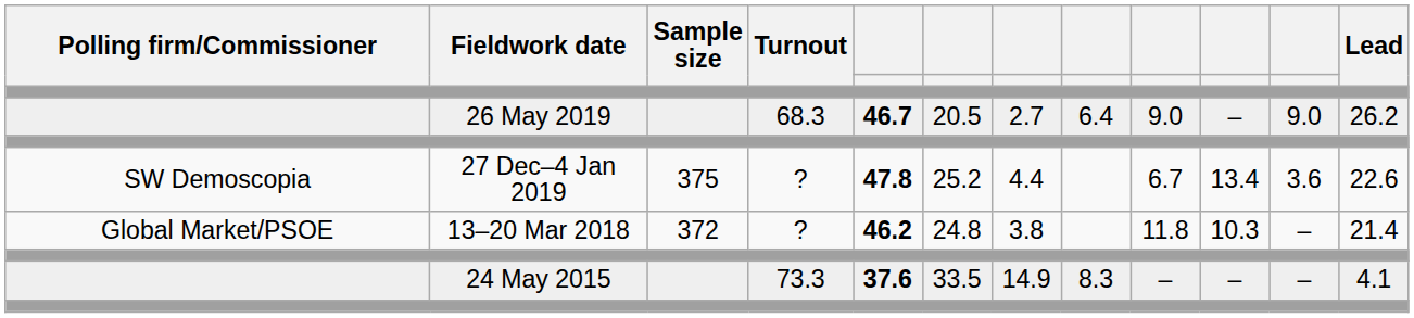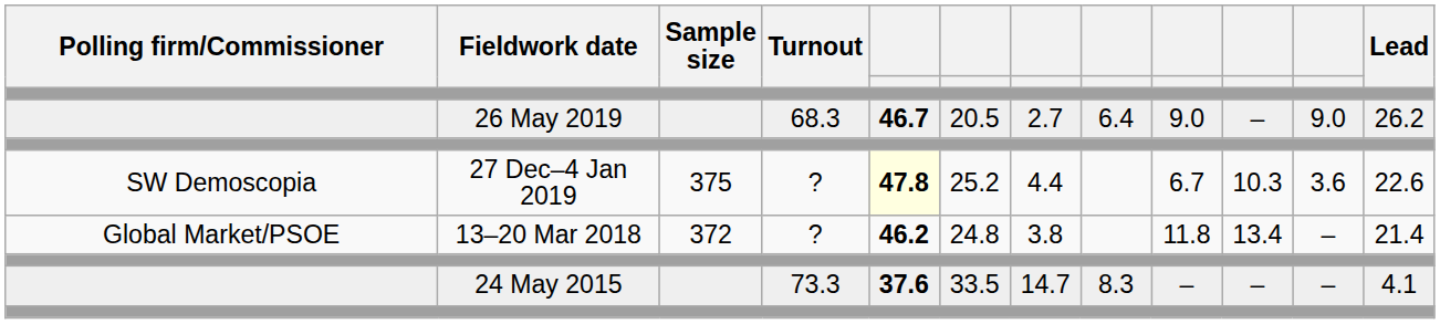 <table class="wikitable collapsible collapsed" style="text-align:center; font-size:95%; line-height:16px;">
 <tr style="height:42px;">
 <th style="width:250px;" rowspan="2">Polling firm/Commissioner</th>
 <th style="width:125px;" rowspan="2">Fieldwork date</th>
 <th style="width:50px;" rowspan="2">Sample size</th>
 <th style="width:45px;" rowspan="2">Turnout</th>
 <th style="width:35px;"></th>
 <th style="width:35px;"></th>
 <th style="width:35px;"></th>
 <th style="width:35px;"></th>
 <th style="width:35px;"></th>
 <th style="width:35px;"></th>
 <th style="width:35px;"></th>
 <th style="width:30px;" rowspan="2">Lead</th>
 </tr>
 <tr>
 <th style="color:inherit;background:"></th>
 <th style="color:inherit;background:"></th>
 <th style="color:inherit;background:"></th>
 <th style="color:inherit;background:"></th>
 <th style="color:inherit;background:"></th>
 <th style="color:inherit;background:"></th>
 <th style="color:inherit;background:"></th>
 </tr>
 <tr>
 <td colspan="12" style="background:#A0A0A0"></td>
 </tr>
 <tr style="background:#EFEFEF;">
 <td><strong></strong></td>
 <td>26 May 2019</td>
 <td></td>
 <td>68.3</td>
 <td><strong>46.7</strong><br></td>
 <td>20.5<br></td>
 <td>2.7<br></td>
 <td>6.4<br></td>
 <td>9.0<br></td>
 <td>–</td>
 <td>9.0<br></td>
 <td style="background:">26.2</td>
 </tr>
 <tr>
 <td colspan="12" style="background:#A0A0A0"></td>
 </tr>
 <tr>
 <td>SW Demoscopia</td>
 <td>27 Dec–4 Jan 2019</td>
 <td>375</td>
 <td>?</td>
-<td><strong>47.8</strong><br></td>
+<td style="background: lightyellow;"><strong>47.8</strong><br></td>
 <td>25.2<br></td>
 <td>4.4<br></td>
 <td></td>
 <td>6.7<br></td>
-<td>13.4<br></td>
+<td>10.3<br></td>
 <td>3.6<br></td>
 <td style="background:">22.6</td>
 </tr>
 <tr>
 <td>Global Market/PSOE</td>
 <td>13–20 Mar 2018</td>
 <td>372</td>
 <td>?</td>
 <td><strong>46.2</strong><br></td>
 <td>24.8<br></td>
 <td>3.8<br></td>
 <td></td>
 <td>11.8<br></td>
-<td>10.3<br></td>
+<td>13.4<br></td>
 <td>–</td>
 <td style="background:">21.4</td>
 </tr>
 <tr>
 <td colspan="12" style="background:#A0A0A0"></td>
 </tr>
 <tr style="background:#EFEFEF;">
 <td><strong></strong></td>
 <td>24 May 2015</td>
 <td></td>
 <td>73.3</td>
 <td><strong>37.6</strong><br></td>
 <td>33.5<br></td>
-<td>14.9<br></td>
+<td>14.7<br></td>
 <td>8.3<br></td>
 <td>–</td>
 <td>–</td>
 <td>–</td>
 <td style="background:">4.1</td>
 </tr>
 <tr>
 <td colspan="12" style="background:#A0A0A0"></td>
 </tr>
 </table>
